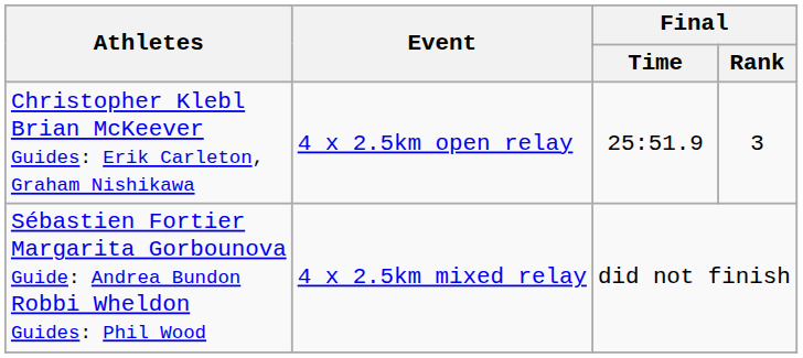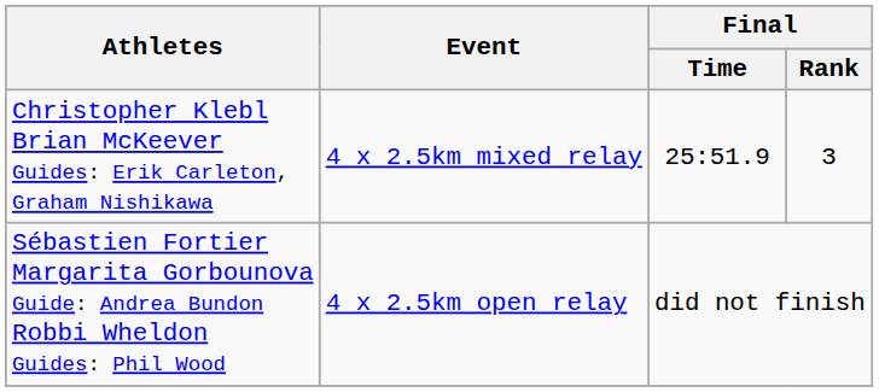 <table class="wikitable" style="font-size:90%">
 <tr>
 <th rowspan="2">Athletes</th>
 <th rowspan="2">Event</th>
 <th colspan="2">Final</th>
 </tr>
 <tr>
 <th>Time</th>
 <th>Rank</th>
 </tr>
 <tr>
 <td><a href='#'>Christopher Klebl</a><br><a href='#'>Brian McKeever</a><br><small><a href='#'>Guides</a>: <a href='#'>Erik Carleton</a>,<br><a href='#'>Graham Nishikawa</a></small></td>
-<td><a href='#'>4 x 2.5km open relay</a></td>
+<td><a href='#'>4 x 2.5km mixed relay</a></td>
 <td align="center">25:51.9</td>
 <td align="center">3</td>
 </tr>
 <tr>
 <td><a href='#'>Sébastien Fortier</a><br><a href='#'>Margarita Gorbounova</a><br><small><a href='#'>Guide</a>: <a href='#'>Andrea Bundon</a></small><br><a href='#'>Robbi Wheldon</a><br><small><a href='#'>Guides</a>: <a href='#'>Phil Wood</a></small></td>
-<td><a href='#'>4 x 2.5km mixed relay</a></td>
+<td><a href='#'>4 x 2.5km open relay</a></td>
 <td colspan=2 align="center">did not finish</td>
 </tr>
 </table>
